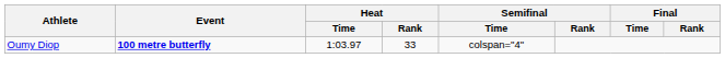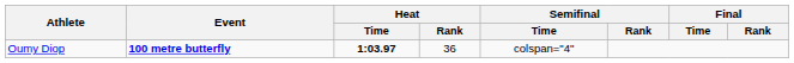 <table class="wikitable" style="text-align:center; font-size:90%; width:50%;">
 <tr>
 <th rowspan="2">Athlete</th>
 <th rowspan="2">Event</th>
 <th colspan="2">Heat</th>
 <th colspan="2">Semifinal</th>
 <th colspan="2">Final</th>
 </tr>
 <tr style="font-size:95%">
 <th>Time</th>
 <th>Rank</th>
 <th>Time</th>
 <th>Rank</th>
 <th>Time</th>
 <th>Rank</th>
 </tr>
 <tr>
 <td align=left><a href='#'>Oumy Diop</a></td>
 <td align=left><strong><a href='#'>100 metre butterfly</a></strong></td>
-<td>1:03.97</td>
-<td>33</td>
+<td><strong>1:03.97</strong></td>
+<td>36</td>
 <td>colspan="4" </td>
 </tr>
 </table>
